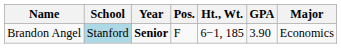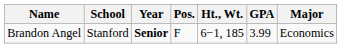 <table class="wikitable">
 <tr>
 <th>Name</th>
 <th>School</th>
 <th>Year</th>
 <th>Pos.</th>
 <th>Ht., Wt.</th>
 <th>GPA</th>
 <th>Major</th>
 </tr>
 <tr>
 <td>Brandon Angel</td>
-<td style="background: lightblue;">Stanford</td>
+<td>Stanford</td>
 <td><strong>Senior</strong></td>
 <td>F</td>
 <td>6−1, 185</td>
-<td>3.90</td>
+<td>3.99</td>
 <td>Economics</td>
 </tr>
 </table>
